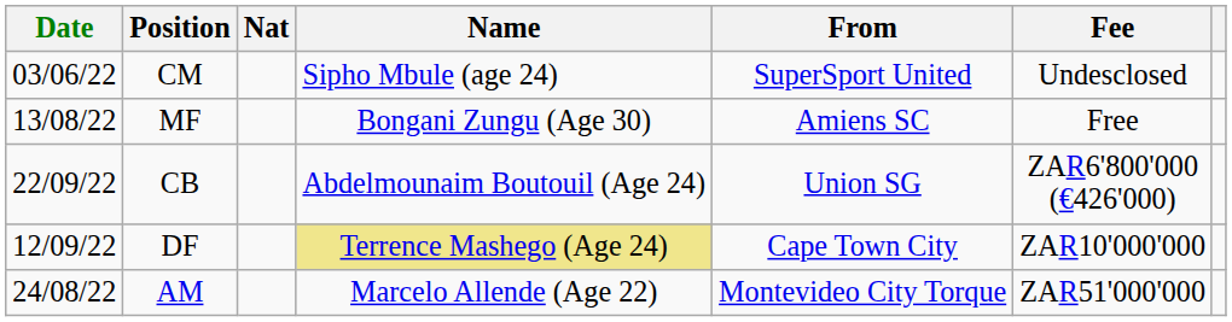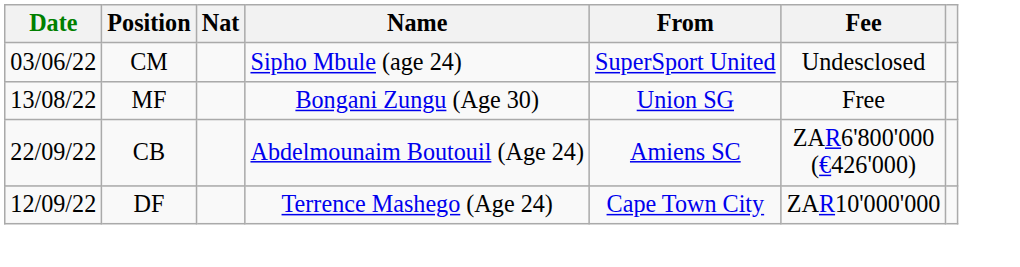 <table class="wikitable" style="text-align:center;">
 <tr>
 <th style="background:#FDFFOO;   color:green; ">Date</th>
 <th>Position</th>
 <th>Nat</th>
 <th>Name</th>
 <th>From</th>
 <th>Fee</th>
 <th></th>
 </tr>
 <tr>
 <td>03/06/22</td>
 <td>CM</td>
 <td></td>
 <td align=left><a href='#'>Sipho Mbule</a> (age 24)</td>
 <td> <a href='#'>SuperSport United</a></td>
 <td>Undesclosed</td>
 <td></td>
 </tr>
 <tr>
 <td>13/08/22</td>
 <td>MF</td>
 <td></td>
 <td><a href='#'>Bongani Zungu</a> (Age 30)</td>
-<td> <a href='#'>Amiens SC</a></td>
+<td> <a href='#'>Union SG</a></td>
 <td>Free</td>
 <td></td>
 </tr>
 <tr>
 <td>22/09/22</td>
 <td>CB</td>
 <td></td>
 <td><a href='#'>Abdelmounaim Boutouil</a> (Age 24)</td>
-<td> <a href='#'>Union SG</a></td>
+<td> <a href='#'>Amiens SC</a></td>
 <td>ZA<a href='#'>R</a>6'800'000 <br>(<a href='#'>€</a>426'000)</td>
 <td></td>
 </tr>
 <tr>
 <td>12/09/22</td>
 <td>DF</td>
 <td></td>
-<td style="background: khaki;"><a href='#'>Terrence Mashego</a> (Age 24)</td>
+<td><a href='#'>Terrence Mashego</a> (Age 24)</td>
 <td> <a href='#'>Cape Town City</a></td>
 <td>ZA<a href='#'>R</a>10'000'000</td>
 <td></td>
 </tr>
-<tr>
-<td>24/08/22</td>
-<td><a href='#'>AM</a></td>
-<td></td>
-<td><a href='#'>Marcelo Allende</a> (Age 22)</td>
-<td> <a href='#'>Montevideo City Torque</a></td>
-<td align="left">ZA<a href='#'>R</a>51'000'000</td>
-<td></td>
-</tr>
 </table>
